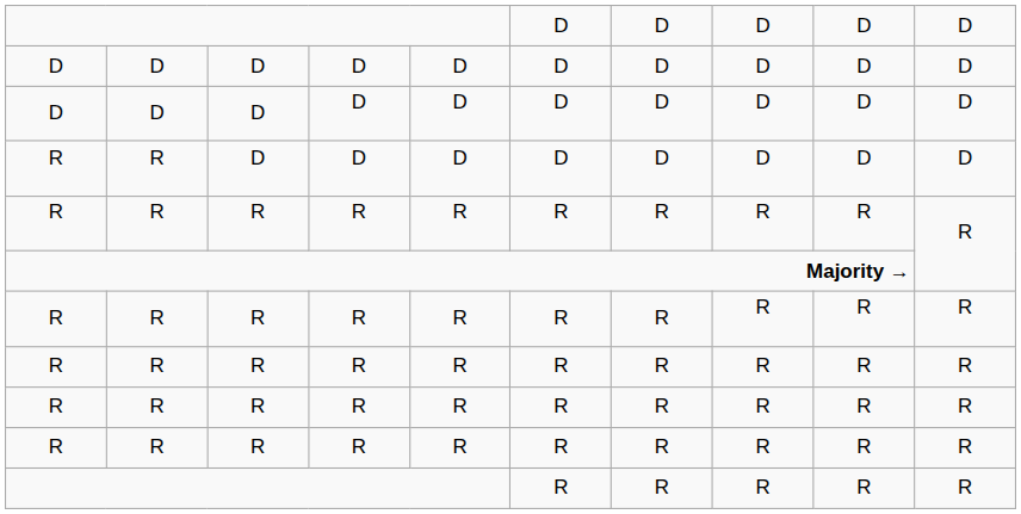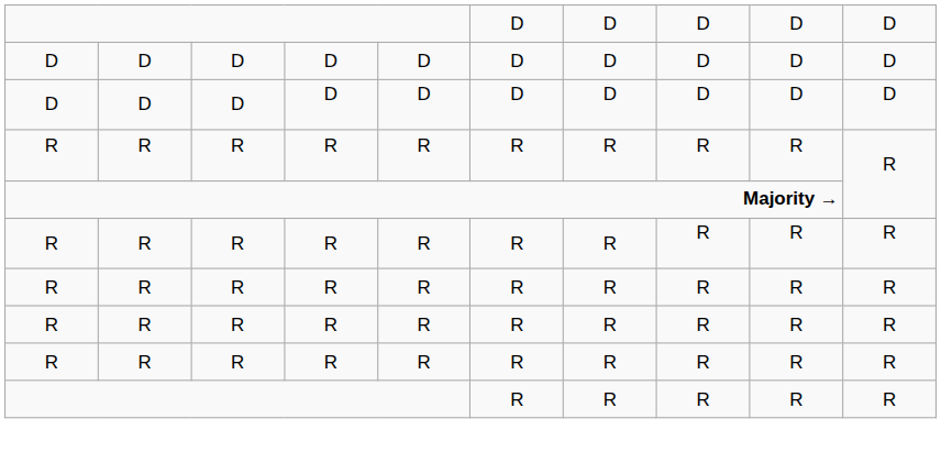 <table class="wikitable" style="text-align:center" width=800px>
 <tr style="height:2em">
 <td colspan=5></td>
 <td>D</td>
 <td>D</td>
 <td>D</td>
 <td>D</td>
 <td>D</td>
 </tr>
 <tr style="height:2em">
 <td width=50px >D</td>
 <td width=50px >D</td>
 <td width=50px >D</td>
 <td width=50px >D</td>
 <td width=50px >D</td>
 <td width=50px >D</td>
 <td width=50px >D</td>
 <td width=50px >D</td>
 <td width=50px >D</td>
 <td width=50px >D</td>
 </tr>
 <tr style="height:2em">
 <td>D</td>
 <td>D</td>
 <td>D</td>
-<td>D<br><br></td>
-<td>D<br><br></td>
-<td>D<br><br></td>
-<td>D<br><br></td>
-<td>D<br><br></td>
-<td>D<br><br></td>
-<td>D<br><br></td>
-</tr>
-<tr style="height:2em">
-<td>R<br><br></td>
-<td>R<br><br></td>
-<td>D<br><br></td>
 <td>D<br><br></td>
 <td>D<br><br></td>
 <td>D<br><br></td>
 <td>D<br><br></td>
 <td>D<br><br></td>
 <td>D<br><br></td>
 <td>D<br><br></td>
 </tr>
 <tr style="height:2em">
 <td>R<br><br></td>
 <td>R<br><br></td>
 <td>R<br><br></td>
 <td>R<br><br></td>
 <td>R<br><br></td>
 <td>R<br><br></td>
 <td>R<br><br></td>
 <td>R<br><br></td>
 <td>R<br><br></td>
 <td rowspan=2 >R<br><br></td>
 </tr>
 <tr style="height:2em">
 <td colspan=9 align=right><strong>Majority →</strong></td>
 </tr>
 <tr style="height:2em">
 <td>R</td>
 <td>R</td>
 <td>R</td>
 <td>R</td>
 <td>R</td>
 <td>R</td>
 <td>R</td>
 <td>R<br><br></td>
 <td>R<br><br></td>
 <td>R<br><br></td>
 </tr>
 <tr style="height:2em">
 <td>R</td>
 <td>R</td>
 <td>R</td>
 <td>R</td>
 <td>R</td>
 <td>R</td>
 <td>R</td>
 <td>R</td>
 <td>R</td>
 <td>R</td>
 </tr>
 <tr style="height:2em">
 <td>R</td>
 <td>R</td>
 <td>R</td>
 <td>R</td>
 <td>R</td>
 <td>R</td>
 <td>R</td>
 <td>R</td>
 <td>R</td>
 <td>R</td>
 </tr>
 <tr style="height:2em">
 <td>R</td>
 <td>R</td>
 <td>R</td>
 <td>R</td>
 <td>R</td>
 <td>R</td>
 <td>R</td>
 <td>R</td>
 <td>R</td>
 <td>R</td>
 </tr>
 <tr style="height:2em">
 <td colspan=5></td>
 <td>R</td>
 <td>R</td>
 <td>R</td>
 <td>R</td>
 <td>R</td>
 </tr>
 </table>
